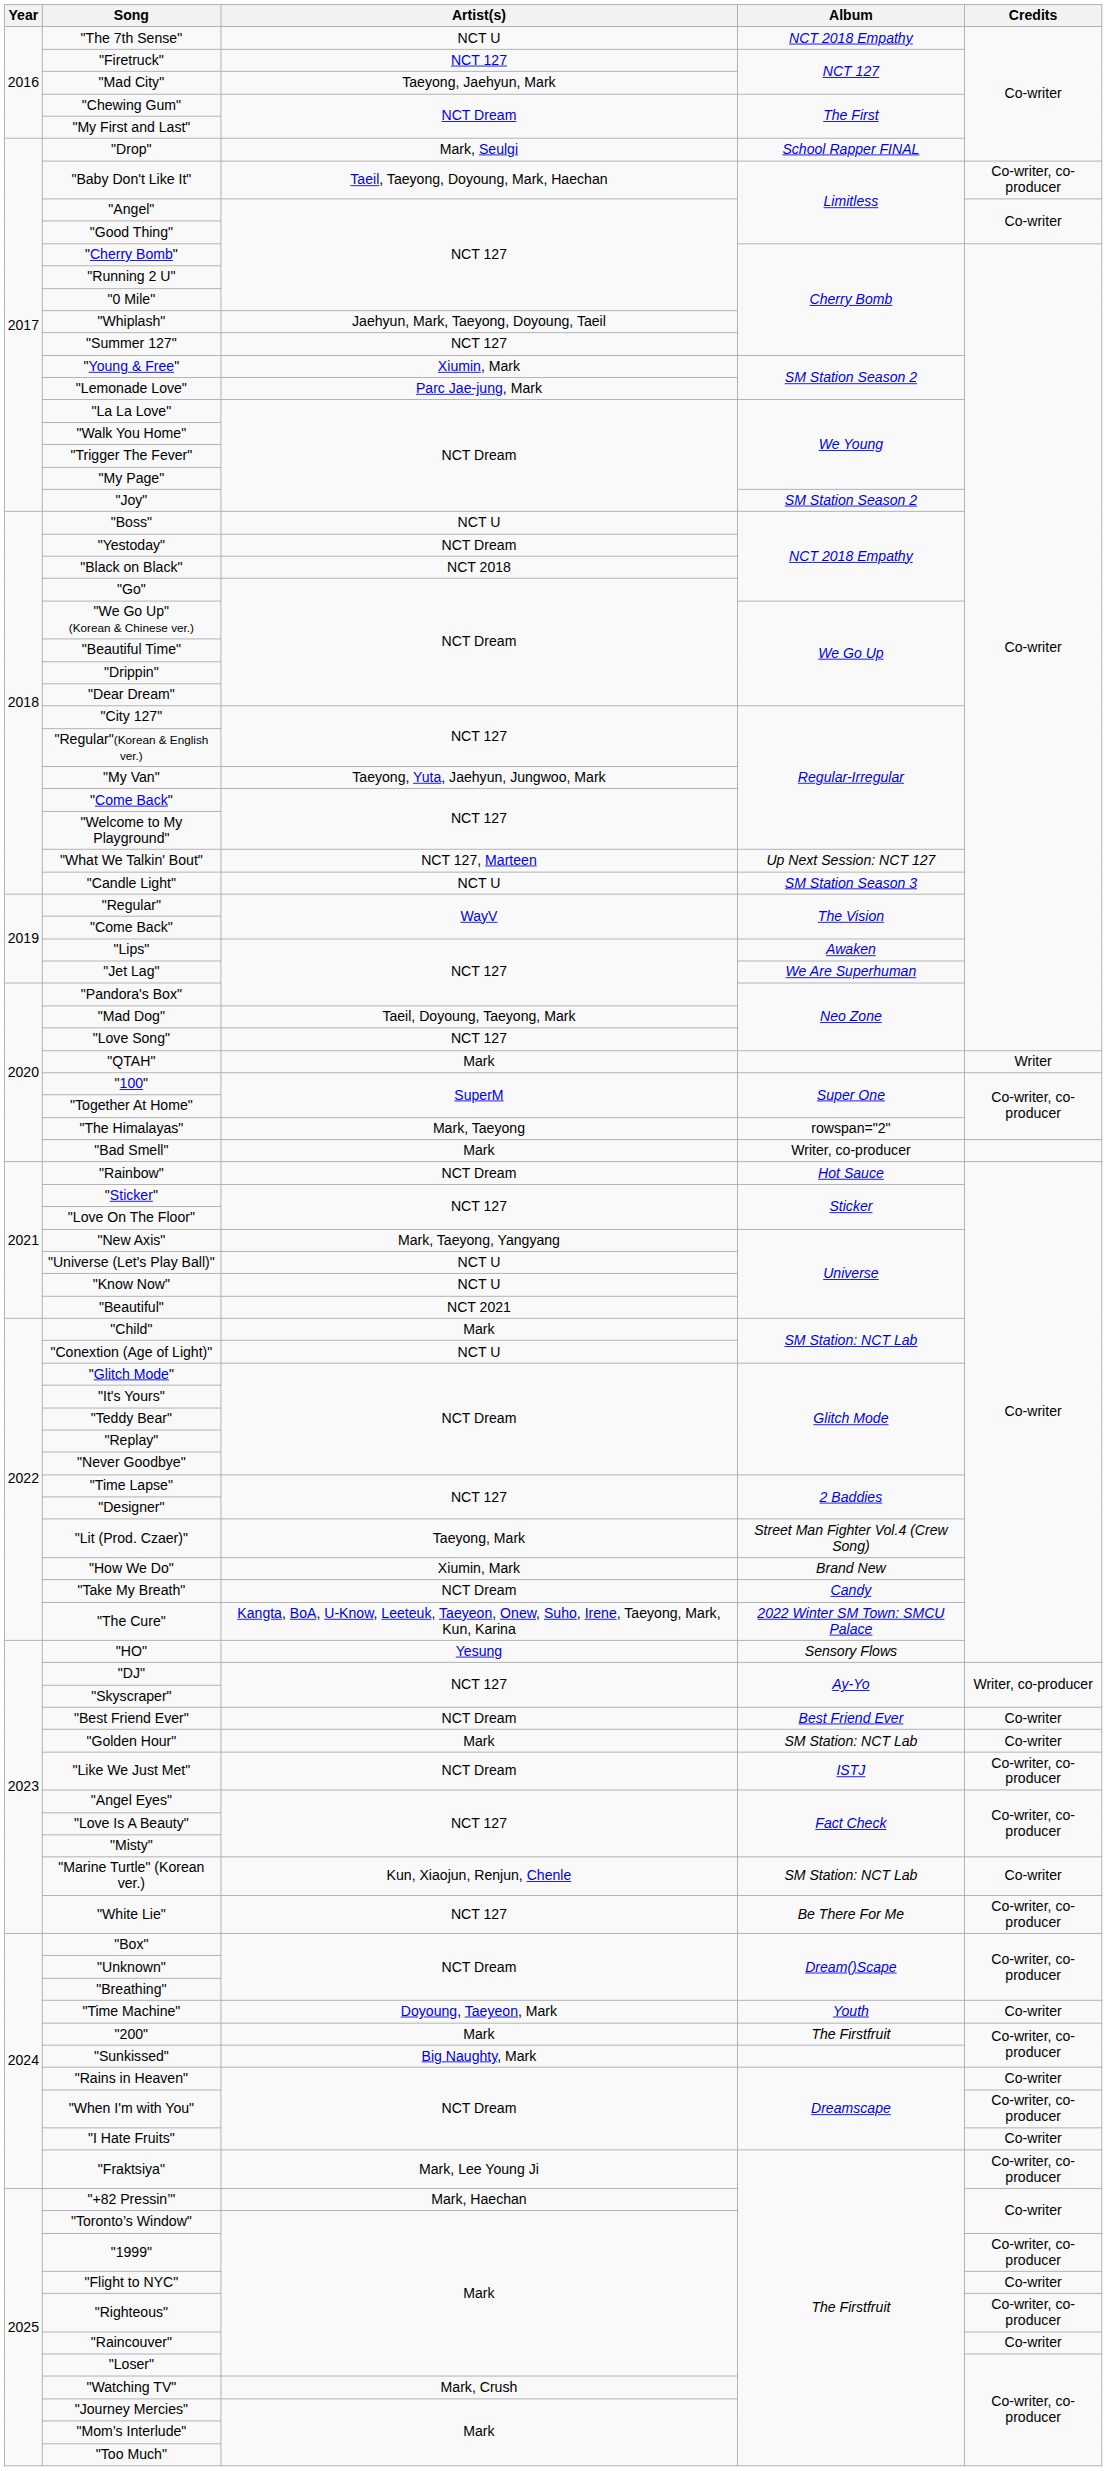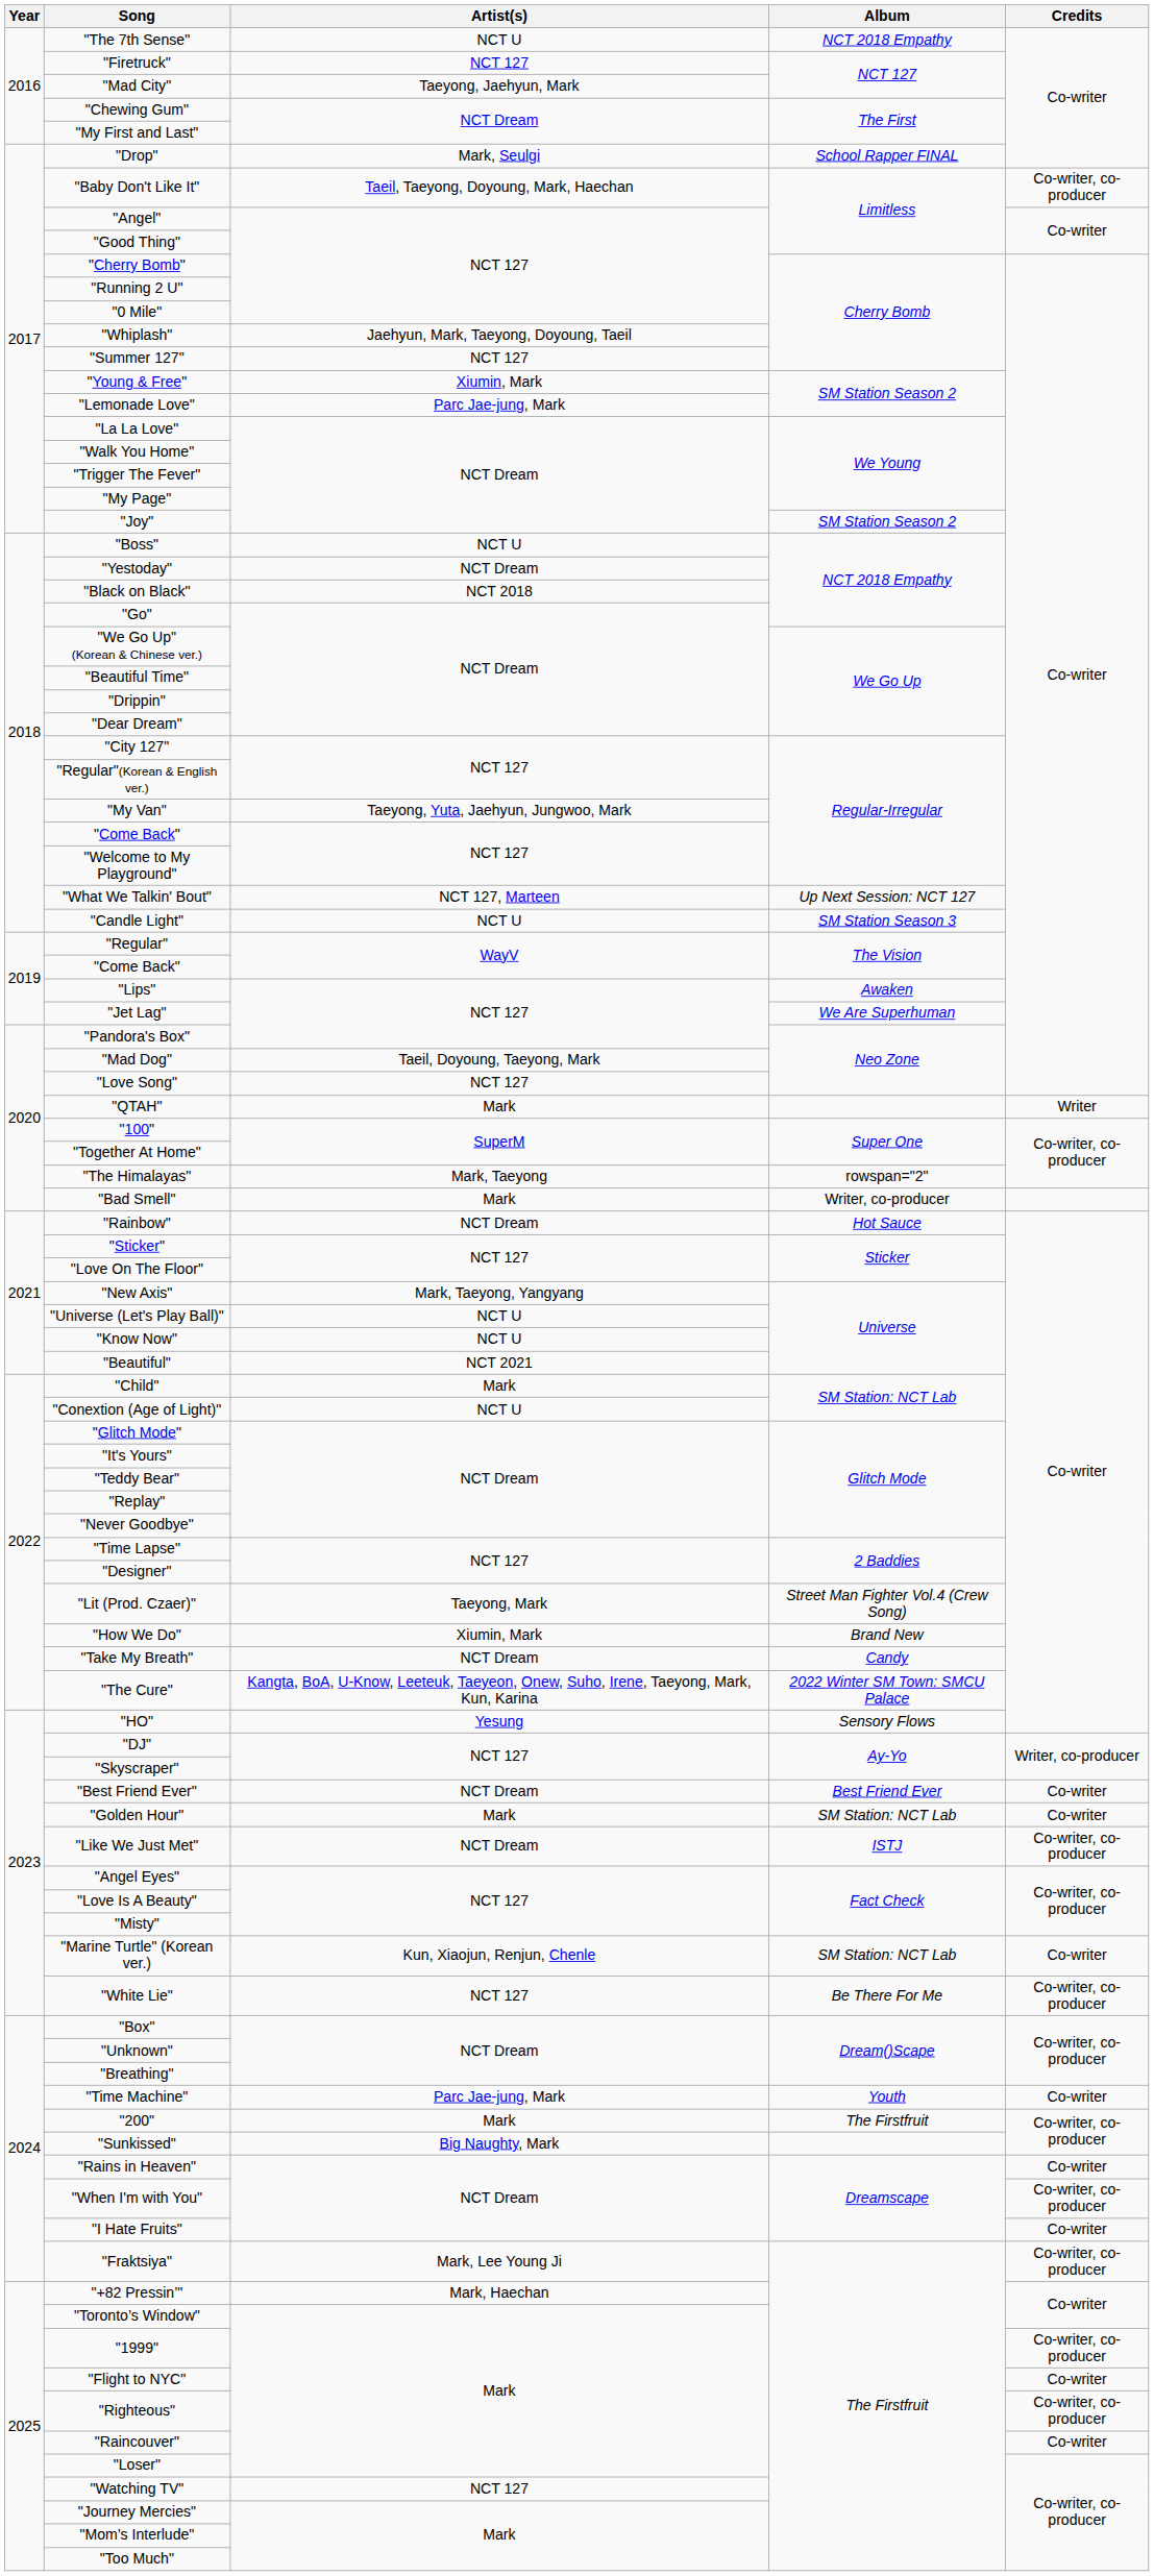 <table class="wikitable sortable" style="text-align:center;">
 <tr>
 <th>Year</th>
 <th>Song</th>
 <th>Artist(s)</th>
 <th>Album</th>
 <th>Credits</th>
 </tr>
 <tr>
 <td rowspan="5">2016</td>
 <td>"The 7th Sense"</td>
 <td>NCT U</td>
 <td><em><a href='#'>NCT 2018 Empathy</a></em></td>
 <td rowspan="6">Co-writer</td>
 </tr>
 <tr>
 <td>"Firetruck"</td>
 <td><a href='#'>NCT 127</a></td>
 <td rowspan="2"><em><a href='#'>NCT 127</a></em></td>
 </tr>
 <tr>
 <td>"Mad City"</td>
 <td>Taeyong, Jaehyun, Mark</td>
 </tr>
 <tr>
 <td>"Chewing Gum"</td>
 <td rowspan="2"><a href='#'>NCT Dream</a></td>
 <td rowspan="2"><em><a href='#'>The First</a></em></td>
 </tr>
 <tr>
 <td>"My First and Last"</td>
 </tr>
 <tr>
 <td rowspan="16">2017</td>
 <td>"Drop"</td>
 <td>Mark, <a href='#'>Seulgi</a></td>
 <td><em><a href='#'>School Rapper FINAL</a></em></td>
 </tr>
 <tr>
 <td>"Baby Don't Like It"</td>
 <td><a href='#'>Taeil</a>, Taeyong, Doyoung, Mark, Haechan</td>
 <td rowspan="3"><em><a href='#'>Limitless</a></em></td>
 <td>Co-writer, co-producer</td>
 </tr>
 <tr>
 <td>"Angel"</td>
 <td rowspan="5">NCT 127</td>
 <td rowspan="2">Co-writer</td>
 </tr>
 <tr>
 <td>"Good Thing"</td>
 </tr>
 <tr>
 <td>"<a href='#'>Cherry Bomb</a>"</td>
 <td rowspan="5"><em><a href='#'>Cherry Bomb</a></em></td>
 <td rowspan="34">Co-writer</td>
 </tr>
 <tr>
 <td>"Running 2 U"</td>
 </tr>
 <tr>
 <td>"0 Mile"</td>
 </tr>
 <tr>
 <td>"Whiplash"</td>
 <td>Jaehyun, Mark, Taeyong, Doyoung, Taeil</td>
 </tr>
 <tr>
 <td>"Summer 127"</td>
 <td>NCT 127</td>
 </tr>
 <tr>
 <td>"<a href='#'>Young & Free</a>"</td>
 <td><a href='#'>Xiumin</a>, Mark</td>
 <td rowspan="2"><em><a href='#'>SM Station Season 2</a></em></td>
 </tr>
 <tr>
 <td>"Lemonade Love"</td>
 <td><a href='#'>Parc Jae-jung</a>, Mark</td>
 </tr>
 <tr>
 <td>"La La Love"</td>
 <td rowspan="5">NCT Dream</td>
 <td rowspan="4"><em><a href='#'>We Young</a></em></td>
 </tr>
 <tr>
 <td>"Walk You Home"</td>
 </tr>
 <tr>
 <td>"Trigger The Fever"</td>
 </tr>
 <tr>
 <td>"My Page"</td>
 </tr>
 <tr>
 <td>"Joy"</td>
 <td><em><a href='#'>SM Station Season 2</a></em></td>
 </tr>
 <tr>
 <td rowspan="15">2018</td>
 <td>"Boss"</td>
 <td>NCT U</td>
 <td rowspan="4"><em><a href='#'>NCT 2018 Empathy</a></em></td>
 </tr>
 <tr>
 <td>"Yestoday"</td>
 <td>NCT Dream</td>
 </tr>
 <tr>
 <td>"Black on Black"</td>
 <td>NCT 2018</td>
 </tr>
 <tr>
 <td>"Go"</td>
 <td rowspan="5">NCT Dream</td>
 </tr>
 <tr>
 <td>"We Go Up"<br><small>(Korean & Chinese ver.)</small></td>
 <td rowspan="4"><em><a href='#'>We Go Up</a></em></td>
 </tr>
 <tr>
 <td>"Beautiful Time"</td>
 </tr>
 <tr>
 <td>"Drippin"</td>
 </tr>
 <tr>
 <td>"Dear Dream"</td>
 </tr>
 <tr>
 <td>"City 127"</td>
 <td rowspan="2">NCT 127</td>
 <td rowspan="5"><em><a href='#'>Regular-Irregular</a></em></td>
 </tr>
 <tr>
 <td>"Regular"<small>(Korean & English ver.)</small></td>
 </tr>
 <tr>
 <td>"My Van"</td>
 <td>Taeyong, <a href='#'>Yuta</a>, Jaehyun, Jungwoo, Mark</td>
 </tr>
 <tr>
 <td>"<a href='#'>Come Back</a>"</td>
 <td rowspan="2">NCT 127</td>
 </tr>
 <tr>
 <td>"Welcome to My Playground"</td>
 </tr>
 <tr>
 <td>"What We Talkin' Bout"</td>
 <td>NCT 127, <a href='#'>Marteen</a></td>
 <td><em>Up Next Session: NCT 127</em></td>
 </tr>
 <tr>
 <td>"Candle Light"</td>
 <td>NCT U</td>
 <td><em><a href='#'>SM Station Season 3</a></em></td>
 </tr>
 <tr>
 <td rowspan="4">2019</td>
 <td>"Regular"</td>
 <td rowspan="2"><a href='#'>WayV</a></td>
 <td rowspan="2"><em><a href='#'>The Vision</a></em></td>
 </tr>
 <tr>
 <td>"Come Back"</td>
 </tr>
 <tr>
 <td>"Lips"</td>
 <td rowspan="3">NCT 127</td>
 <td><em><a href='#'>Awaken</a></em></td>
 </tr>
 <tr>
 <td>"Jet Lag"</td>
 <td><em><a href='#'>We Are Superhuman</a></em></td>
 </tr>
 <tr>
 <td rowspan="8">2020</td>
 <td>"Pandora's Box"</td>
 <td rowspan="3"><em><a href='#'>Neo Zone</a></em></td>
 </tr>
 <tr>
 <td>"Mad Dog"</td>
 <td>Taeil, Doyoung, Taeyong, Mark</td>
 </tr>
 <tr>
 <td>"Love Song"</td>
 <td>NCT 127</td>
 </tr>
 <tr>
 <td>"QTAH"</td>
 <td>Mark</td>
 <td></td>
 <td>Writer</td>
 </tr>
 <tr>
 <td>"<a href='#'>100</a>"</td>
 <td rowspan="2"><a href='#'>SuperM</a></td>
 <td rowspan="2"><em><a href='#'>Super One</a></em></td>
 <td rowspan="3">Co-writer, co-producer</td>
 </tr>
 <tr>
 <td "Together At Home">"Together At Home"</td>
 </tr>
 <tr>
 <td>"The Himalayas"</td>
 <td>Mark, Taeyong</td>
 <td>rowspan="2" </td>
 </tr>
 <tr>
 <td>"Bad Smell"</td>
 <td>Mark</td>
 <td>Writer, co-producer</td>
 </tr>
 <tr>
 <td rowspan="7">2021</td>
 <td>"Rainbow"</td>
 <td>NCT Dream</td>
 <td><em><a href='#'>Hot Sauce</a></em></td>
 <td rowspan="21">Co-writer</td>
 </tr>
 <tr>
 <td>"<a href='#'>Sticker</a>"</td>
 <td rowspan= "2">NCT 127</td>
 <td rowspan= "2"><em><a href='#'>Sticker</a></em></td>
 </tr>
 <tr>
 <td>"Love On The Floor"</td>
 </tr>
 <tr>
 <td>"New Axis"</td>
 <td>Mark, Taeyong, Yangyang</td>
 <td rowspan="4"><em><a href='#'>Universe</a></em></td>
 </tr>
 <tr>
 <td>"Universe (Let's Play Ball)"</td>
 <td>NCT U</td>
 </tr>
 <tr>
 <td>"Know Now"</td>
 <td>NCT U</td>
 </tr>
 <tr>
 <td>"Beautiful"</td>
 <td>NCT 2021</td>
 </tr>
 <tr>
 <td rowspan="13">2022</td>
 <td>"Child"</td>
 <td>Mark</td>
 <td rowspan="2"><em><a href='#'>SM Station: NCT Lab</a></em></td>
 </tr>
 <tr>
 <td>"Conextion (Age of Light)"</td>
 <td>NCT U</td>
 </tr>
 <tr>
 <td>"<a href='#'>Glitch Mode</a>"</td>
 <td rowspan="5">NCT Dream</td>
 <td rowspan="5"><em><a href='#'>Glitch Mode</a></em></td>
 </tr>
 <tr>
 <td>"It's Yours"</td>
 </tr>
 <tr>
 <td>"Teddy Bear"</td>
 </tr>
 <tr>
 <td>"Replay"</td>
 </tr>
 <tr>
 <td>"Never Goodbye"</td>
 </tr>
 <tr>
 <td>"Time Lapse"</td>
 <td rowspan="2">NCT 127</td>
 <td rowspan="2"><em><a href='#'>2 Baddies</a></em></td>
 </tr>
 <tr>
 <td>"Designer"</td>
 </tr>
 <tr>
 <td>"Lit (Prod. Czaer)"</td>
 <td>Taeyong, Mark</td>
 <td><em>Street Man Fighter Vol.4 (Crew Song)</em></td>
 </tr>
 <tr>
 <td>"How We Do"</td>
 <td>Xiumin, Mark</td>
 <td><em>Brand New</em></td>
 </tr>
 <tr>
 <td>"Take My Breath"</td>
 <td>NCT Dream</td>
 <td><em><a href='#'>Candy</a></em></td>
 </tr>
 <tr>
 <td>"The Cure"</td>
 <td><a href='#'>Kangta</a>, <a href='#'>BoA</a>, <a href='#'>U-Know</a>, <a href='#'>Leeteuk</a>, <a href='#'>Taeyeon</a>, <a href='#'>Onew</a>, <a href='#'>Suho</a>, <a href='#'>Irene</a>, Taeyong, Mark, Kun, Karina</td>
 <td><em><a href='#'>2022 Winter SM Town: SMCU Palace</a></em></td>
 </tr>
 <tr>
 <td rowspan="11">2023</td>
 <td>"HO"</td>
 <td><a href='#'>Yesung</a></td>
 <td><em>Sensory Flows</em></td>
 </tr>
 <tr>
 <td>"DJ"</td>
 <td rowspan="2">NCT 127</td>
 <td rowspan="2"><em><a href='#'>Ay-Yo</a></em></td>
 <td rowspan="2">Writer, co-producer</td>
 </tr>
 <tr>
 <td>"Skyscraper"</td>
 </tr>
 <tr>
 <td>"Best Friend Ever"</td>
 <td>NCT Dream</td>
 <td><em><a href='#'>Best Friend Ever</a></em></td>
 <td>Co-writer</td>
 </tr>
 <tr>
 <td>"Golden Hour"</td>
 <td>Mark</td>
 <td><em>SM Station: NCT Lab</em></td>
 <td>Co-writer</td>
 </tr>
 <tr>
 <td>"Like We Just Met"</td>
 <td>NCT Dream</td>
 <td><em><a href='#'>ISTJ</a></em></td>
 <td>Co-writer, co-producer</td>
 </tr>
 <tr>
 <td>"Angel Eyes"</td>
 <td rowspan="3">NCT 127</td>
 <td rowspan="3"><em><a href='#'>Fact Check</a></em></td>
 <td rowspan="3">Co-writer, co-producer</td>
 </tr>
 <tr>
 <td>"Love Is A Beauty"</td>
 </tr>
 <tr>
 <td>"Misty"</td>
 </tr>
 <tr>
 <td>"Marine Turtle" (Korean ver.)</td>
 <td>Kun, Xiaojun, Renjun, <a href='#'>Chenle</a></td>
 <td><em>SM Station: NCT Lab</em></td>
 <td>Co-writer</td>
 </tr>
 <tr>
 <td>"White Lie"</td>
 <td>NCT 127</td>
 <td><em>Be There For Me</em></td>
 <td>Co-writer, co-producer</td>
 </tr>
 <tr>
 <td rowspan="10">2024</td>
 <td>"Box"</td>
 <td rowspan="3">NCT Dream</td>
 <td rowspan="3"><em><a href='#'>Dream()Scape</a></em></td>
 <td rowspan="3">Co-writer, co-producer</td>
 </tr>
 <tr>
 <td>"Unknown"</td>
 </tr>
 <tr>
 <td>"Breathing"</td>
 </tr>
 <tr>
 <td>"Time Machine"</td>
-<td><a href='#'>Doyoung</a>, <a href='#'>Taeyeon</a>, Mark</td>
+<td><a href='#'>Parc Jae-jung</a>, Mark</td>
 <td><em><a href='#'>Youth</a></em></td>
 <td>Co-writer</td>
 </tr>
 <tr>
 <td>"200"</td>
 <td>Mark</td>
 <td><em> The Firstfruit</em></td>
 <td rowspan="2">Co-writer, co-producer</td>
 </tr>
 <tr>
 <td>"Sunkissed"</td>
 <td><a href='#'>Big Naughty</a>, Mark</td>
 <td></td>
 </tr>
 <tr>
 <td>"Rains in Heaven"</td>
 <td rowspan="3">NCT Dream</td>
 <td rowspan="3"><em><a href='#'>Dreamscape</a></em></td>
 <td>Co-writer</td>
 </tr>
 <tr>
 <td>"When I'm with You"</td>
 <td>Co-writer, co-producer</td>
 </tr>
 <tr>
 <td>"I Hate Fruits"</td>
 <td>Co-writer</td>
 </tr>
 <tr>
 <td>"Fraktsiya"</td>
 <td>Mark, Lee Young Ji</td>
 <td rowspan="12"><em>The Firstfruit</em></td>
 <td>Co-writer, co-producer</td>
 </tr>
 <tr>
 <td rowspan="11">2025</td>
 <td>"+82 Pressin’"</td>
 <td>Mark, Haechan</td>
 <td rowspan="2">Co-writer</td>
 </tr>
 <tr>
 <td>"Toronto’s Window"</td>
 <td rowspan="6">Mark</td>
 </tr>
 <tr>
 <td>"1999"</td>
 <td>Co-writer, co-producer</td>
 </tr>
 <tr>
 <td>"Flight to NYC"</td>
 <td>Co-writer</td>
 </tr>
 <tr>
 <td>"Righteous"</td>
 <td>Co-writer, co-producer</td>
 </tr>
 <tr>
 <td>"Raincouver"</td>
 <td>Co-writer</td>
 </tr>
 <tr>
 <td>"Loser"</td>
 <td rowspan="5">Co-writer, co-producer</td>
 </tr>
 <tr>
 <td>"Watching TV"</td>
-<td>Mark, Crush</td>
+<td>NCT 127</td>
 </tr>
 <tr>
 <td>"Journey Mercies"</td>
 <td rowspan="3">Mark</td>
 </tr>
 <tr>
 <td>"Mom’s Interlude"</td>
 </tr>
 <tr>
 <td>"Too Much"</td>
 </tr>
 </table>
